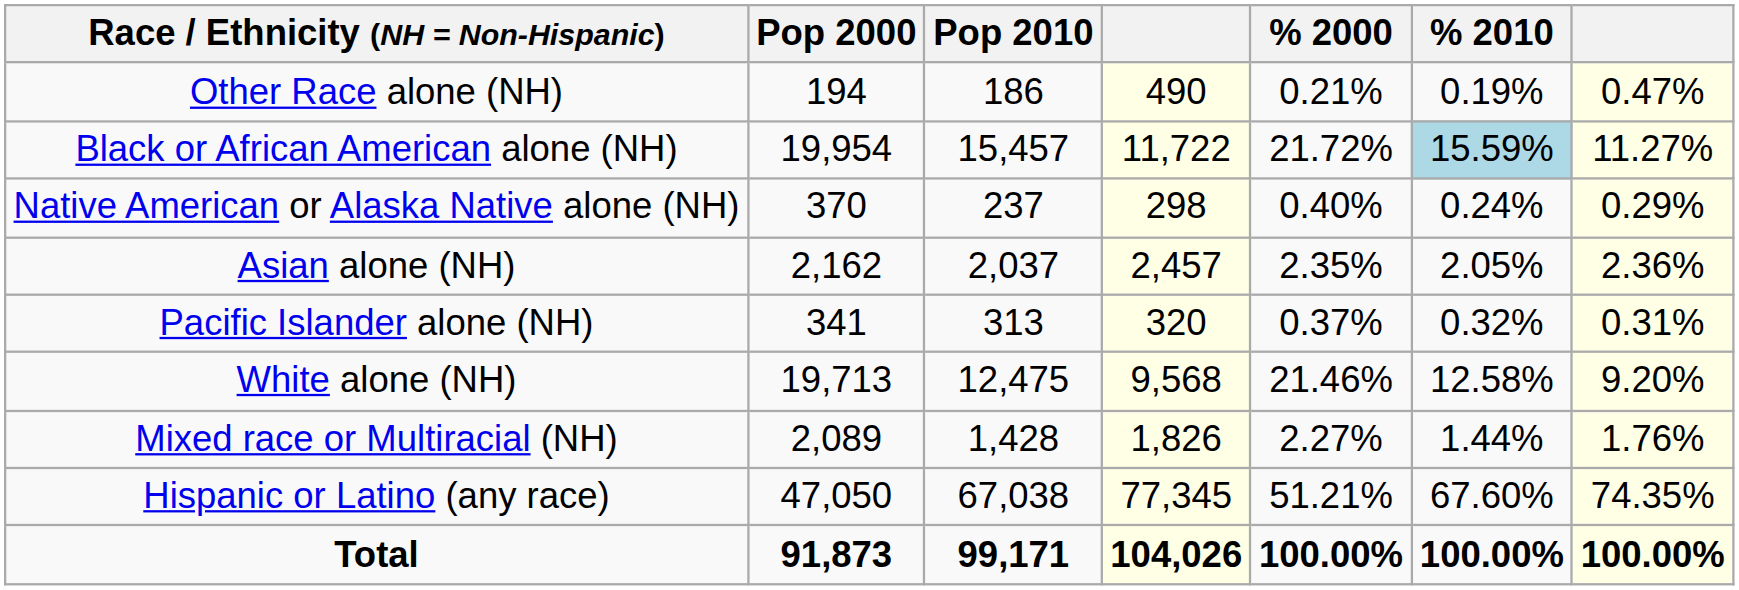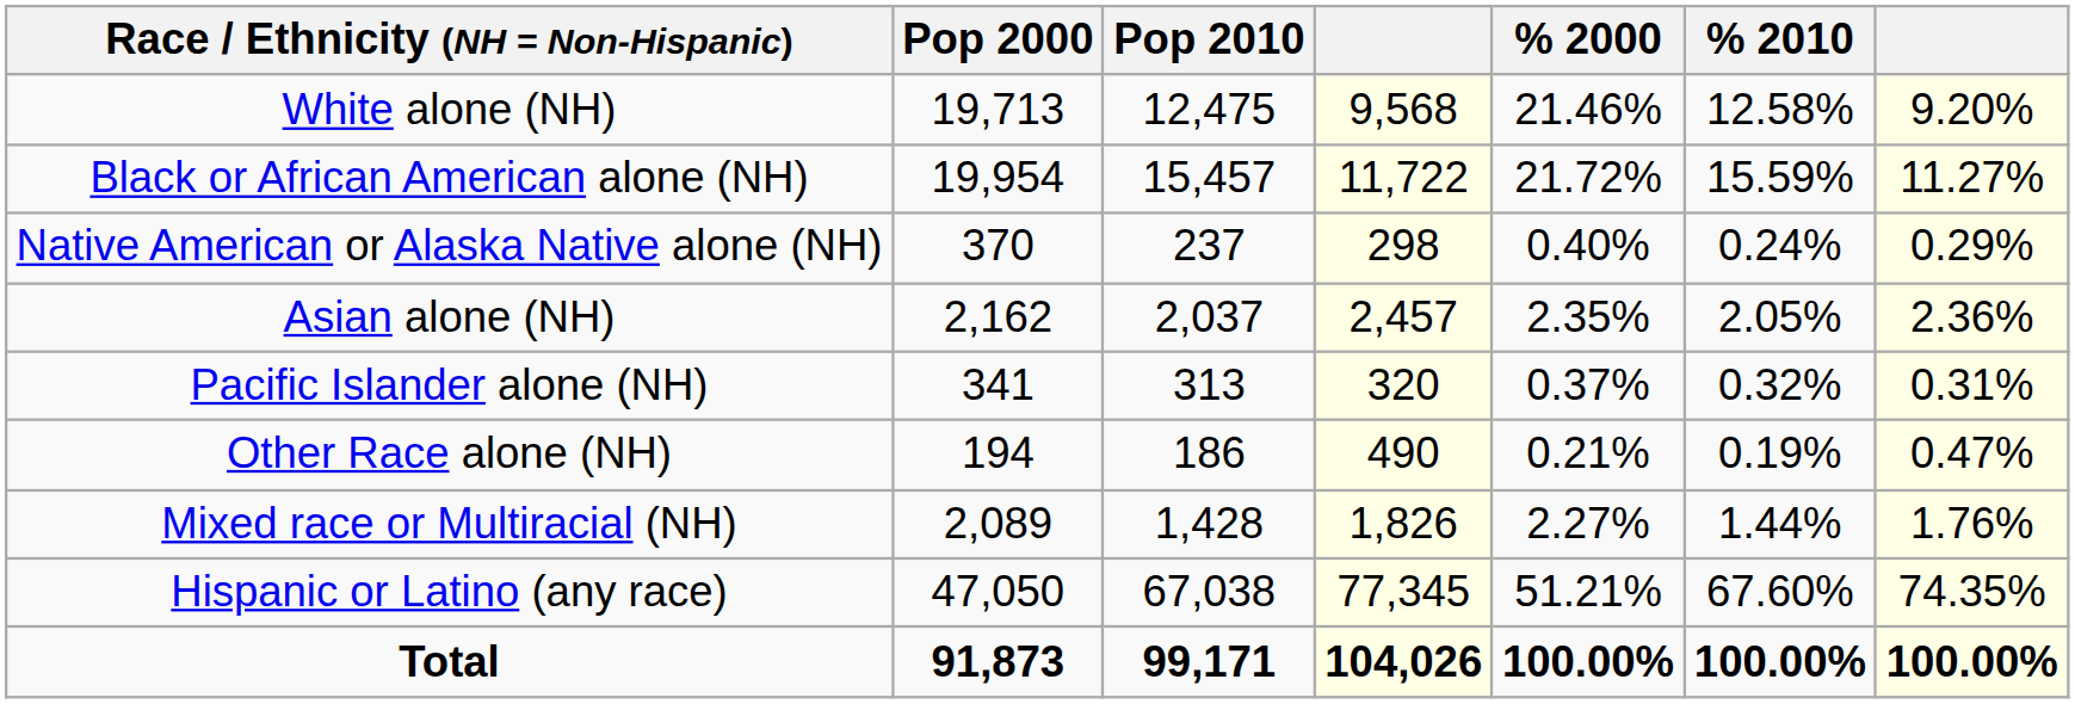 <table class="wikitable" style="text-align:center;">
 <tr>
 <th>Race / Ethnicity <small>(<em>NH = Non-Hispanic</em>)</small></th>
 <th>Pop 2000</th>
 <th>Pop 2010</th>
 <th></th>
 <th>% 2000</th>
 <th>% 2010</th>
 <th></th>
 </tr>
 <tr>
-<td><a href='#'>Other Race</a> alone (NH)</td>
-<td>194</td>
-<td>186</td>
-<td style='background: #ffffe6;'>490</td>
-<td>0.21%</td>
-<td>0.19%</td>
-<td style='background: #ffffe6;'>0.47%</td>
+<td><a href='#'>White</a> alone (NH)</td>
+<td>19,713</td>
+<td>12,475</td>
+<td style='background: #ffffe6;'>9,568</td>
+<td>21.46%</td>
+<td>12.58%</td>
+<td style='background: #ffffe6;'>9.20%</td>
 </tr>
 <tr>
 <td><a href='#'>Black or African American</a> alone (NH)</td>
 <td>19,954</td>
 <td>15,457</td>
 <td style='background: #ffffe6;'>11,722</td>
 <td>21.72%</td>
-<td style="background: lightblue;">15.59%</td>
+<td>15.59%</td>
 <td style='background: #ffffe6;'>11.27%</td>
 </tr>
 <tr>
 <td><a href='#'>Native American</a> or <a href='#'>Alaska Native</a> alone (NH)</td>
 <td>370</td>
 <td>237</td>
 <td style='background: #ffffe6;'>298</td>
 <td>0.40%</td>
 <td>0.24%</td>
 <td style='background: #ffffe6;'>0.29%</td>
 </tr>
 <tr>
 <td><a href='#'>Asian</a> alone (NH)</td>
 <td>2,162</td>
 <td>2,037</td>
 <td style='background: #ffffe6;'>2,457</td>
 <td>2.35%</td>
 <td>2.05%</td>
 <td style='background: #ffffe6;'>2.36%</td>
 </tr>
 <tr>
 <td><a href='#'>Pacific Islander</a> alone (NH)</td>
 <td>341</td>
 <td>313</td>
 <td style='background: #ffffe6;'>320</td>
 <td>0.37%</td>
 <td>0.32%</td>
 <td style='background: #ffffe6;'>0.31%</td>
 </tr>
 <tr>
-<td><a href='#'>White</a> alone (NH)</td>
-<td>19,713</td>
-<td>12,475</td>
-<td style='background: #ffffe6;'>9,568</td>
-<td>21.46%</td>
-<td>12.58%</td>
-<td style='background: #ffffe6;'>9.20%</td>
+<td><a href='#'>Other Race</a> alone (NH)</td>
+<td>194</td>
+<td>186</td>
+<td style='background: #ffffe6;'>490</td>
+<td>0.21%</td>
+<td>0.19%</td>
+<td style='background: #ffffe6;'>0.47%</td>
 </tr>
 <tr>
 <td><a href='#'>Mixed race or Multiracial</a> (NH)</td>
 <td>2,089</td>
 <td>1,428</td>
 <td style='background: #ffffe6;'>1,826</td>
 <td>2.27%</td>
 <td>1.44%</td>
 <td style='background: #ffffe6;'>1.76%</td>
 </tr>
 <tr>
 <td><a href='#'>Hispanic or Latino</a> (any race)</td>
 <td>47,050</td>
 <td>67,038</td>
 <td style='background: #ffffe6;'>77,345</td>
 <td>51.21%</td>
 <td>67.60%</td>
 <td style='background: #ffffe6;'>74.35%</td>
 </tr>
 <tr>
 <td><strong>Total</strong></td>
 <td><strong>91,873</strong></td>
 <td><strong>99,171</strong></td>
 <td style='background: #ffffe6;'><strong>104,026</strong></td>
 <td><strong>100.00%</strong></td>
 <td><strong>100.00%</strong></td>
 <td style='background: #ffffe6;'><strong>100.00%</strong></td>
 </tr>
 </table>
